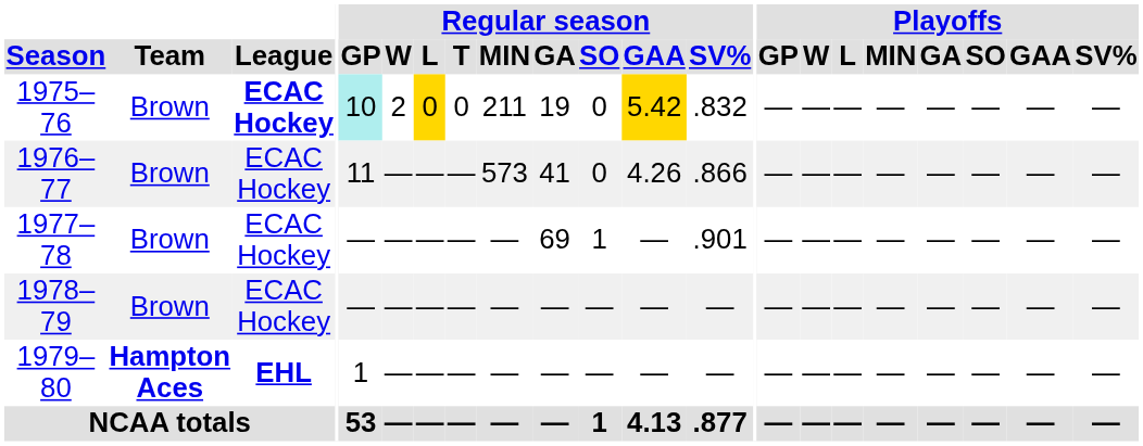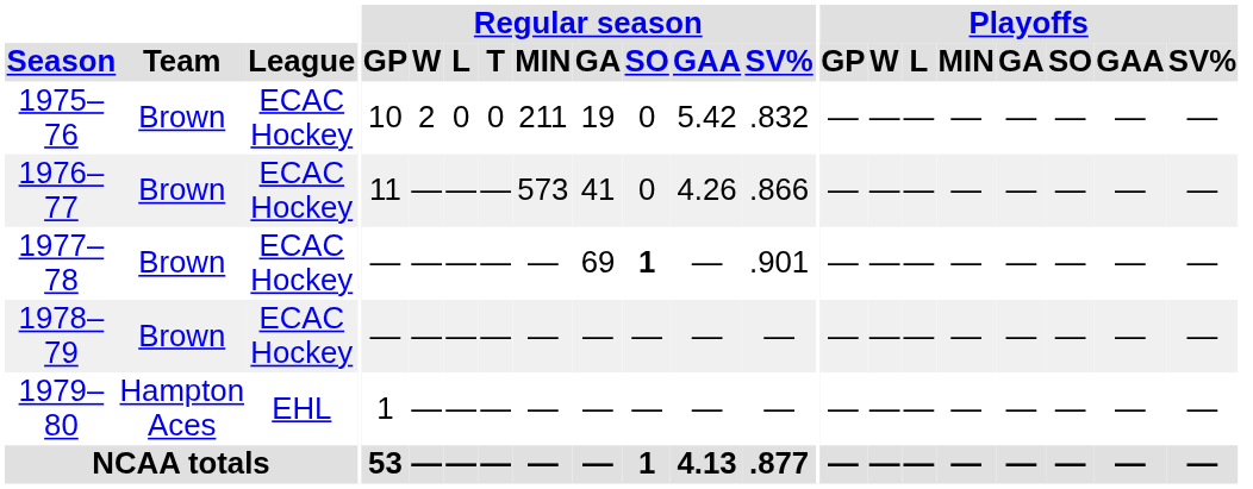 <table border="0" cellpadding="1" cellspacing="0" style="text-align:center; width:90%">
 <tr bgcolor="#e0e0e0">
 <th colspan="3" bgcolor="#ffffff"></th>
 <th rowspan="99" bgcolor="#ffffff"></th>
 <th colspan="9"><a href='#'>Regular season</a></th>
 <th rowspan="99" bgcolor="#ffffff"></th>
 <th colspan="8"><a href='#'>Playoffs</a></th>
 </tr>
 <tr bgcolor="#e0e0e0">
 <th><a href='#'>Season</a></th>
 <th>Team</th>
 <th>League</th>
 <th>GP</th>
 <th>W</th>
 <th>L</th>
 <th>T</th>
 <th>MIN</th>
 <th>GA</th>
 <th><a href='#'>SO</a></th>
 <th><a href='#'>GAA</a></th>
 <th><a href='#'>SV%</a></th>
 <th>GP</th>
 <th>W</th>
 <th>L</th>
 <th>MIN</th>
 <th>GA</th>
 <th>SO</th>
 <th>GAA</th>
 <th>SV%</th>
 </tr>
 <tr>
 <td><a href='#'>1975–76</a></td>
 <td><a href='#'>Brown</a></td>
-<td><strong><a href='#'>ECAC Hockey</a></strong></td>
-<td style="background: paleturquoise;">10</td>
+<td><a href='#'>ECAC Hockey</a></td>
+<td>10</td>
 <td>2</td>
-<td style="background: gold;">0</td>
+<td>0</td>
 <td>0</td>
 <td>211</td>
 <td>19</td>
 <td>0</td>
-<td style="background: gold;">5.42</td>
+<td>5.42</td>
 <td>.832</td>
 <td>—</td>
 <td>—</td>
 <td>—</td>
 <td>—</td>
 <td>—</td>
 <td>—</td>
 <td>—</td>
 <td>—</td>
 </tr>
 <tr bgcolor="f0f0f0">
 <td><a href='#'>1976–77</a></td>
 <td><a href='#'>Brown</a></td>
 <td><a href='#'>ECAC Hockey</a></td>
 <td>11</td>
 <td>—</td>
 <td>—</td>
 <td>—</td>
 <td>573</td>
 <td>41</td>
 <td>0</td>
 <td>4.26</td>
 <td>.866</td>
 <td>—</td>
 <td>—</td>
 <td>—</td>
 <td>—</td>
 <td>—</td>
 <td>—</td>
 <td>—</td>
 <td>—</td>
 </tr>
 <tr>
 <td><a href='#'>1977–78</a></td>
 <td><a href='#'>Brown</a></td>
 <td><a href='#'>ECAC Hockey</a></td>
 <td>—</td>
 <td>—</td>
 <td>—</td>
 <td>—</td>
 <td>—</td>
 <td>69</td>
-<td>1</td>
+<td><strong>1</strong></td>
 <td>—</td>
 <td>.901</td>
 <td>—</td>
 <td>—</td>
 <td>—</td>
 <td>—</td>
 <td>—</td>
 <td>—</td>
 <td>—</td>
 <td>—</td>
 </tr>
 <tr bgcolor="f0f0f0">
 <td><a href='#'>1978–79</a></td>
 <td><a href='#'>Brown</a></td>
 <td><a href='#'>ECAC Hockey</a></td>
 <td>—</td>
 <td>—</td>
 <td>—</td>
 <td>—</td>
 <td>—</td>
 <td>—</td>
 <td>—</td>
 <td>—</td>
 <td>—</td>
 <td>—</td>
 <td>—</td>
 <td>—</td>
 <td>—</td>
 <td>—</td>
 <td>—</td>
 <td>—</td>
 <td>—</td>
 </tr>
 <tr>
 <td><a href='#'>1979–80</a></td>
-<td><strong><a href='#'>Hampton Aces</a></strong></td>
-<td><strong><a href='#'>EHL</a></strong></td>
+<td><a href='#'>Hampton Aces</a></td>
+<td><a href='#'>EHL</a></td>
 <td>1</td>
 <td>—</td>
 <td>—</td>
 <td>—</td>
 <td>—</td>
 <td>—</td>
 <td>—</td>
 <td>—</td>
 <td>—</td>
 <td>—</td>
 <td>—</td>
 <td>—</td>
 <td>—</td>
 <td>—</td>
 <td>—</td>
 <td>—</td>
 <td>—</td>
 </tr>
 <tr bgcolor="#e0e0e0">
 <th colspan="3">NCAA totals</th>
 <th>53</th>
 <th>—</th>
 <th>—</th>
 <th>—</th>
 <th>—</th>
 <th>—</th>
 <th>1</th>
 <th>4.13</th>
 <th>.877</th>
 <th>—</th>
 <th>—</th>
 <th>—</th>
 <th>—</th>
 <th>—</th>
 <th>—</th>
 <th>—</th>
 <th>—</th>
 </tr>
 </table>
